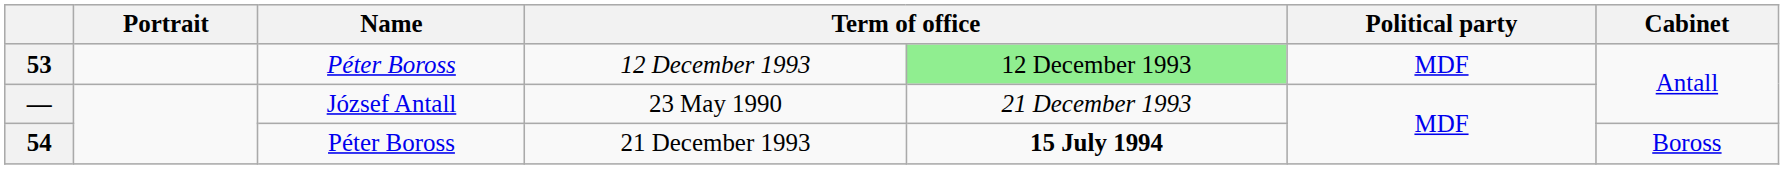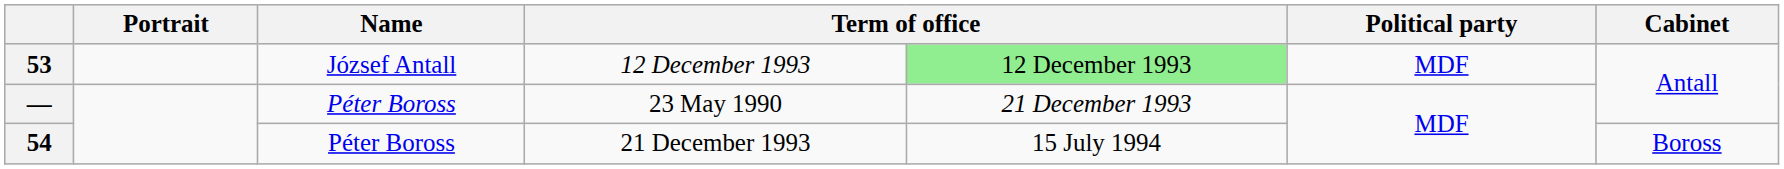 <table class="wikitable" style="width:90%; text-align:center;">
 <tr>
 <th></th>
 <th>Portrait</th>
 <th>Name<br></th>
 <th colspan=2>Term of office</th>
 <th>Political party</th>
 <th>Cabinet</th>
 </tr>
 <tr>
 <th style="background:">53</th>
 <td></td>
-<td><em><a href='#'>Péter Boross</a></em><br></td>
+<td><a href='#'>József Antall</a><br></td>
 <td><em>12 December 1993</em></td>
 <td style="background: lightgreen;">12 December 1993<br></td>
 <td><a href='#'>MDF</a></td>
 <td rowspan=2><a href='#'>Antall</a><br></td>
 </tr>
 <tr>
 <th style="background:">—</th>
 <td rowspan=2></td>
-<td><a href='#'>József Antall</a><br></td>
+<td><em><a href='#'>Péter Boross</a></em><br></td>
 <td>23 May 1990</td>
 <td><em>21 December 1993</em></td>
 <td rowspan=2><a href='#'>MDF</a></td>
 </tr>
 <tr>
 <th style="background:">54</th>
 <td><a href='#'>Péter Boross</a><br></td>
 <td>21 December 1993</td>
-<td><strong>15 July 1994</strong></td>
+<td>15 July 1994</td>
 <td><a href='#'>Boross</a><br></td>
 </tr>
 </table>
